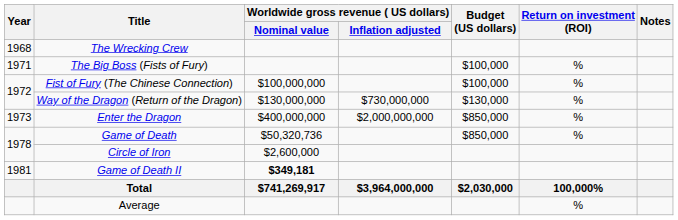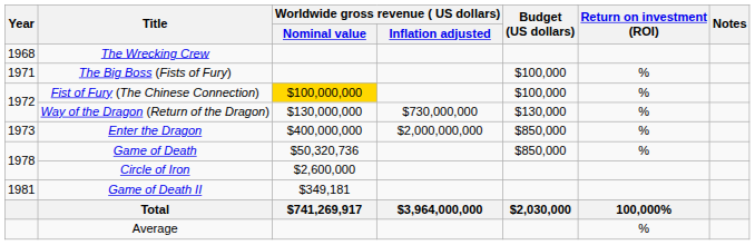 <table class="wikitable sortable" style="text-align:center">
 <tr>
 <th rowspan="2">Year</th>
 <th rowspan="2">Title</th>
 <th colspan="2">Worldwide gross revenue ( US dollars)</th>
 <th rowspan="2">Budget <br> (US dollars)</th>
 <th rowspan="2"><a href='#'>Return on investment</a> <br> (ROI)</th>
 <th rowspan="2">Notes</th>
 </tr>
 <tr>
 <th><a href='#'>Nominal value</a></th>
 <th><a href='#'>Inflation adjusted</a></th>
 </tr>
 <tr>
 <td>1968</td>
 <td><em><a href='#'>The Wrecking Crew</a></em></td>
 <td></td>
 <td></td>
 <td></td>
 <td></td>
 <td></td>
 </tr>
 <tr>
 <td>1971</td>
 <td><em><a href='#'>The Big Boss</a></em> (<em>Fists of Fury</em>)</td>
 <td></td>
 <td></td>
 <td>$100,000</td>
 <td>%</td>
 <td></td>
 </tr>
 <tr>
 <td rowspan="2">1972</td>
 <td><em><a href='#'>Fist of Fury</a></em> (<em>The Chinese Connection</em>)</td>
-<td>$100,000,000</td>
+<td style="background: gold;">$100,000,000</td>
 <td></td>
 <td>$100,000</td>
 <td>%</td>
 <td></td>
 </tr>
 <tr>
 <td><em><a href='#'>Way of the Dragon</a></em> (<em>Return of the Dragon</em>)</td>
 <td>$130,000,000</td>
 <td>$730,000,000</td>
 <td>$130,000</td>
 <td>%</td>
 <td></td>
 </tr>
 <tr>
 <td>1973</td>
 <td><em><a href='#'>Enter the Dragon</a></em></td>
 <td>$400,000,000</td>
 <td>$2,000,000,000</td>
 <td>$850,000</td>
 <td>%</td>
 <td></td>
 </tr>
 <tr>
 <td rowspan="2">1978</td>
 <td><em><a href='#'>Game of Death</a></em></td>
 <td>$50,320,736</td>
 <td></td>
 <td>$850,000</td>
 <td>%</td>
 <td></td>
 </tr>
 <tr>
 <td><em><a href='#'>Circle of Iron</a></em></td>
 <td>$2,600,000</td>
 <td></td>
 <td></td>
 <td></td>
 <td></td>
 </tr>
 <tr>
 <td>1981</td>
 <td><em><a href='#'>Game of Death II</a></em></td>
-<td><strong>$349,181</strong></td>
+<td>$349,181</td>
 <td></td>
 <td></td>
 <td></td>
 <td></td>
 </tr>
 <tr>
 <th></th>
 <th>Total</th>
 <th>$741,269,917</th>
 <th>$3,964,000,000</th>
 <th>$2,030,000</th>
 <th>100,000%</th>
 <th></th>
 </tr>
 <tr>
 <td></td>
 <td>Average</td>
 <td></td>
 <td></td>
 <td></td>
 <td>%</td>
 <td></td>
 </tr>
 </table>
